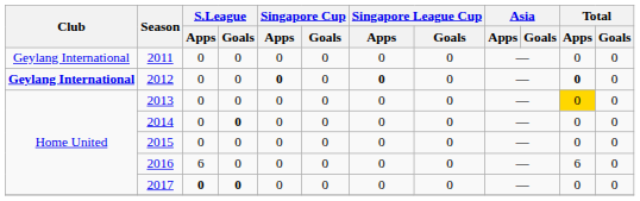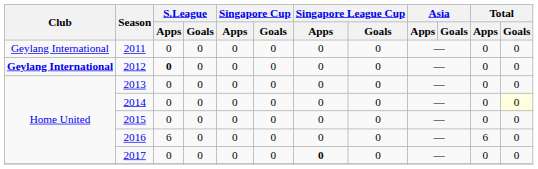 <table style="text-align:center" class="wikitable">
 <tr>
 <th rowspan="2">Club</th>
 <th rowspan="2">Season</th>
 <th colspan="2"><a href='#'>S.League</a></th>
 <th colspan="2"><a href='#'>Singapore Cup</a></th>
 <th colspan="2"><a href='#'>Singapore League Cup</a></th>
 <th colspan="2"><a href='#'>Asia</a></th>
 <th colspan="2">Total</th>
 </tr>
 <tr>
 <th>Apps</th>
 <th>Goals</th>
 <th>Apps</th>
 <th>Goals</th>
 <th>Apps</th>
 <th>Goals</th>
 <th>Apps</th>
 <th>Goals</th>
 <th>Apps</th>
 <th>Goals</th>
 </tr>
 <tr>
 <td><a href='#'>Geylang International</a></td>
 <td><a href='#'>2011</a></td>
 <td>0</td>
 <td>0</td>
 <td>0</td>
 <td>0</td>
 <td>0</td>
 <td>0</td>
 <td colspan="2">—</td>
 <td>0</td>
 <td>0</td>
 </tr>
 <tr>
 <td><strong><a href='#'>Geylang International</a></strong></td>
 <td><a href='#'>2012</a></td>
+<td><strong>0</strong></td>
 <td>0</td>
 <td>0</td>
-<td><strong>0</strong></td>
 <td>0</td>
-<td><strong>0</strong></td>
+<td>0</td>
 <td>0</td>
 <td colspan="2">—</td>
-<td><strong>0</strong></td>
+<td>0</td>
 <td>0</td>
 </tr>
 <tr>
 <td rowspan="5"><a href='#'>Home United</a></td>
 <td><a href='#'>2013</a></td>
 <td>0</td>
 <td>0</td>
 <td>0</td>
 <td>0</td>
 <td>0</td>
 <td>0</td>
 <td colspan="2">—</td>
-<td style="background: gold;">0</td>
+<td>0</td>
 <td>0</td>
 </tr>
 <tr>
 <td><a href='#'>2014</a></td>
 <td>0</td>
-<td><strong>0</strong></td>
+<td>0</td>
 <td>0</td>
 <td>0</td>
 <td>0</td>
 <td>0</td>
 <td colspan="2">—</td>
 <td>0</td>
-<td>0</td>
+<td style="background: lightyellow;">0</td>
 </tr>
 <tr>
 <td><a href='#'>2015</a></td>
 <td>0</td>
 <td>0</td>
 <td>0</td>
 <td>0</td>
 <td>0</td>
 <td>0</td>
 <td colspan="2">—</td>
 <td>0</td>
 <td>0</td>
 </tr>
 <tr>
 <td><a href='#'>2016</a></td>
 <td>6</td>
 <td>0</td>
 <td>0</td>
 <td>0</td>
 <td>0</td>
 <td>0</td>
 <td colspan="2">—</td>
 <td>6</td>
 <td>0</td>
 </tr>
 <tr>
 <td><a href='#'>2017</a></td>
-<td><strong>0</strong></td>
-<td><strong>0</strong></td>
 <td>0</td>
 <td>0</td>
 <td>0</td>
+<td>0</td>
+<td><strong>0</strong></td>
 <td>0</td>
 <td colspan="2">—</td>
 <td>0</td>
 <td>0</td>
 </tr>
 <tr>
 </tr>
 </table>
